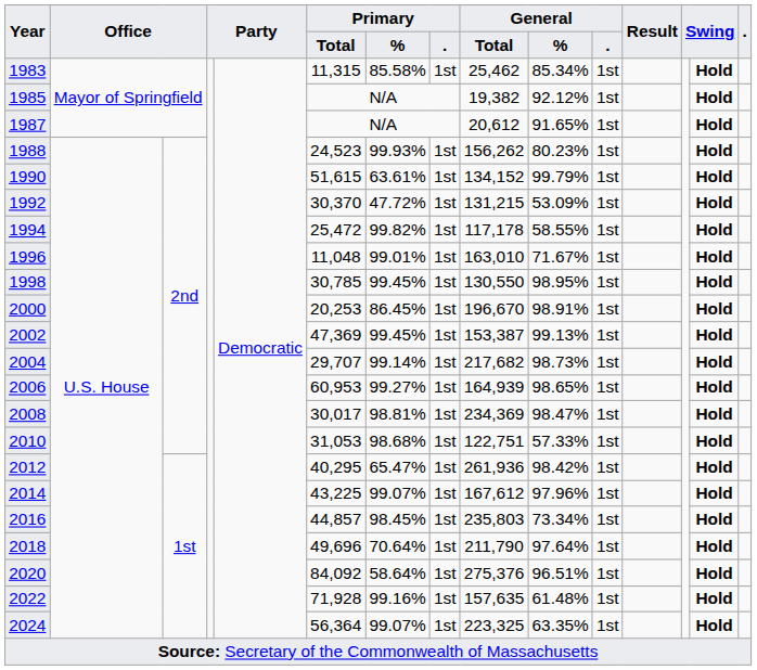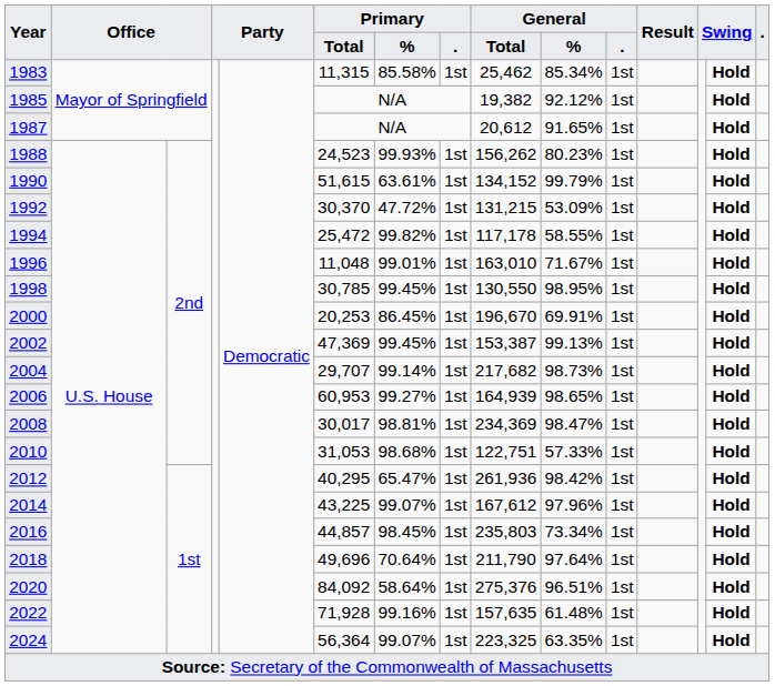 <table class="wikitable" style="font-size:90%; text-align:center;">
 <tr>
 <th style="background-color:#EAECF0;" rowspan=2>Year</th>
 <th style="background-color:#EAECF0;" colspan=2 rowspan=2>Office</th>
 <th style="background-color:#EAECF0;" colspan=2 rowspan=2>Party</th>
 <th style="background-color:#EAECF0;" colspan=3>Primary</th>
 <th style="background-color:#EAECF0;" colspan=3>General</th>
 <th style="background-color:#EAECF0;" rowspan=2>Result</th>
 <th style="background-color:#EAECF0;" colspan=2 rowspan=2><a href='#'>Swing</a></th>
 <th style="background-color:#EAECF0;" rowspan=2>.</th>
 </tr>
 <tr>
 <th style="background-color:#EAECF0;">Total</th>
 <th style="background-color:#EAECF0;">%</th>
 <th style="background-color:#EAECF0;">.</th>
 <th style="background-color:#EAECF0;">Total</th>
 <th style="background-color:#EAECF0;">%</th>
 <th style="background-color:#EAECF0;">.</th>
 </tr>
 <tr>
 <td style="background-color:#EAECF0;"><a href='#'>1983</a></td>
 <td colspan=2 rowspan=3><a href='#'>Mayor of Springfield</a></td>
 <td rowspan="22" style="background-color:"></td>
 <td rowspan="22"><a href='#'>Democratic</a></td>
 <td>11,315</td>
 <td>85.58%</td>
 <td>1st</td>
 <td>25,462</td>
 <td>85.34%</td>
 <td>1st</td>
 <td></td>
 <td rowspan="22" style="background-color:"></td>
 <td><strong>Hold</strong></td>
 <td></td>
 </tr>
 <tr>
 <td style="background-color:#EAECF0;"><a href='#'>1985</a></td>
 <td colspan="3">N/A</td>
 <td>19,382</td>
 <td>92.12%</td>
 <td>1st</td>
 <td></td>
 <td><strong>Hold</strong></td>
 <td></td>
 </tr>
 <tr>
 <td style="background-color:#EAECF0;"><a href='#'>1987</a></td>
 <td colspan="3">N/A</td>
 <td>20,612</td>
 <td>91.65%</td>
 <td>1st</td>
 <td></td>
 <td><strong>Hold</strong></td>
 <td></td>
 </tr>
 <tr>
 <td style="background-color:#EAECF0;"><a href='#'>1988</a></td>
 <td rowspan=19><a href='#'>U.S. House</a></td>
 <td rowspan=12><a href='#'>2nd</a></td>
 <td>24,523</td>
 <td>99.93%</td>
 <td>1st</td>
 <td>156,262</td>
 <td>80.23%</td>
 <td>1st</td>
 <td></td>
 <td><strong>Hold</strong></td>
 <td></td>
 </tr>
 <tr>
 <td style="background-color:#EAECF0;"><a href='#'>1990</a></td>
 <td>51,615</td>
 <td>63.61%</td>
 <td>1st</td>
 <td>134,152</td>
 <td>99.79%</td>
 <td>1st</td>
 <td></td>
 <td><strong>Hold</strong></td>
 <td></td>
 </tr>
 <tr>
 <td style="background-color:#EAECF0;"><a href='#'>1992</a></td>
 <td>30,370</td>
 <td>47.72%</td>
 <td>1st</td>
 <td>131,215</td>
 <td>53.09%</td>
 <td>1st</td>
 <td></td>
 <td><strong>Hold</strong></td>
 <td></td>
 </tr>
 <tr>
 <td style="background-color:#EAECF0;"><a href='#'>1994</a></td>
 <td>25,472</td>
 <td>99.82%</td>
 <td>1st</td>
 <td>117,178</td>
 <td>58.55%</td>
 <td>1st</td>
 <td></td>
 <td><strong>Hold</strong></td>
 <td></td>
 </tr>
 <tr>
 <td style="background-color:#EAECF0;"><a href='#'>1996</a></td>
 <td>11,048</td>
 <td>99.01%</td>
 <td>1st</td>
 <td>163,010</td>
 <td>71.67%</td>
 <td>1st</td>
 <td></td>
 <td><strong>Hold</strong></td>
 <td></td>
 </tr>
 <tr>
 <td style="background-color:#EAECF0;"><a href='#'>1998</a></td>
 <td>30,785</td>
 <td>99.45%</td>
 <td>1st</td>
 <td>130,550</td>
 <td>98.95%</td>
 <td>1st</td>
 <td></td>
 <td><strong>Hold</strong></td>
 <td></td>
 </tr>
 <tr>
 <td style="background-color:#EAECF0;"><a href='#'>2000</a></td>
 <td>20,253</td>
 <td>86.45%</td>
 <td>1st</td>
 <td>196,670</td>
-<td>98.91%</td>
+<td>69.91%</td>
 <td>1st</td>
 <td></td>
 <td><strong>Hold</strong></td>
 <td></td>
 </tr>
 <tr>
 <td style="background-color:#EAECF0;"><a href='#'>2002</a></td>
 <td>47,369</td>
 <td>99.45%</td>
 <td>1st</td>
 <td>153,387</td>
 <td>99.13%</td>
 <td>1st</td>
 <td></td>
 <td><strong>Hold</strong></td>
 <td></td>
 </tr>
 <tr>
 <td style="background-color:#EAECF0;"><a href='#'>2004</a></td>
 <td>29,707</td>
 <td>99.14%</td>
 <td>1st</td>
 <td>217,682</td>
 <td>98.73%</td>
 <td>1st</td>
 <td></td>
 <td><strong>Hold</strong></td>
 <td></td>
 </tr>
 <tr>
 <td style="background-color:#EAECF0;"><a href='#'>2006</a></td>
 <td>60,953</td>
 <td>99.27%</td>
 <td>1st</td>
 <td>164,939</td>
 <td>98.65%</td>
 <td>1st</td>
 <td></td>
 <td><strong>Hold</strong></td>
 <td></td>
 </tr>
 <tr>
 <td style="background-color:#EAECF0;"><a href='#'>2008</a></td>
 <td>30,017</td>
 <td>98.81%</td>
 <td>1st</td>
 <td>234,369</td>
 <td>98.47%</td>
 <td>1st</td>
 <td></td>
 <td><strong>Hold</strong></td>
 <td></td>
 </tr>
 <tr>
 <td style="background-color:#EAECF0;"><a href='#'>2010</a></td>
 <td>31,053</td>
 <td>98.68%</td>
 <td>1st</td>
 <td>122,751</td>
 <td>57.33%</td>
 <td>1st</td>
 <td></td>
 <td><strong>Hold</strong></td>
 <td></td>
 </tr>
 <tr>
 <td style="background-color:#EAECF0;"><a href='#'>2012</a></td>
 <td rowspan=7><a href='#'>1st</a></td>
 <td>40,295</td>
 <td>65.47%</td>
 <td>1st</td>
 <td>261,936</td>
 <td>98.42%</td>
 <td>1st</td>
 <td></td>
 <td><strong>Hold</strong></td>
 <td></td>
 </tr>
 <tr>
 <td style="background-color:#EAECF0;"><a href='#'>2014</a></td>
 <td>43,225</td>
 <td>99.07%</td>
 <td>1st</td>
 <td>167,612</td>
 <td>97.96%</td>
 <td>1st</td>
 <td></td>
 <td><strong>Hold</strong></td>
 <td></td>
 </tr>
 <tr>
 <td style="background-color:#EAECF0;"><a href='#'>2016</a></td>
 <td>44,857</td>
 <td>98.45%</td>
 <td>1st</td>
 <td>235,803</td>
 <td>73.34%</td>
 <td>1st</td>
 <td></td>
 <td><strong>Hold</strong></td>
 <td></td>
 </tr>
 <tr>
 <td style="background-color:#EAECF0;"><a href='#'>2018</a></td>
 <td>49,696</td>
 <td>70.64%</td>
 <td>1st</td>
 <td>211,790</td>
 <td>97.64%</td>
 <td>1st</td>
 <td></td>
 <td><strong>Hold</strong></td>
 <td></td>
 </tr>
 <tr>
 <td style="background-color:#EAECF0;"><a href='#'>2020</a></td>
 <td>84,092</td>
 <td>58.64%</td>
 <td>1st</td>
 <td>275,376</td>
 <td>96.51%</td>
 <td>1st</td>
 <td></td>
 <td><strong>Hold</strong></td>
 <td></td>
 </tr>
 <tr>
 <td style="background-color:#EAECF0;"><a href='#'>2022</a></td>
 <td>71,928</td>
 <td>99.16%</td>
 <td>1st</td>
 <td>157,635</td>
 <td>61.48%</td>
 <td>1st</td>
 <td></td>
 <td><strong>Hold</strong></td>
 <td></td>
 </tr>
 <tr>
 <td style="background-color:#EAECF0;"><a href='#'>2024</a></td>
 <td>56,364</td>
 <td>99.07%</td>
 <td>1st</td>
 <td>223,325</td>
 <td>63.35%</td>
 <td>1st</td>
 <td></td>
 <td><strong>Hold</strong></td>
 <td></td>
 </tr>
 <tr>
 <td style="background-color:#EAECF0;" colspan=15><strong>Source:</strong> <a href='#'>Secretary of the Commonwealth of Massachusetts</a>  </td>
 </tr>
 </table>
